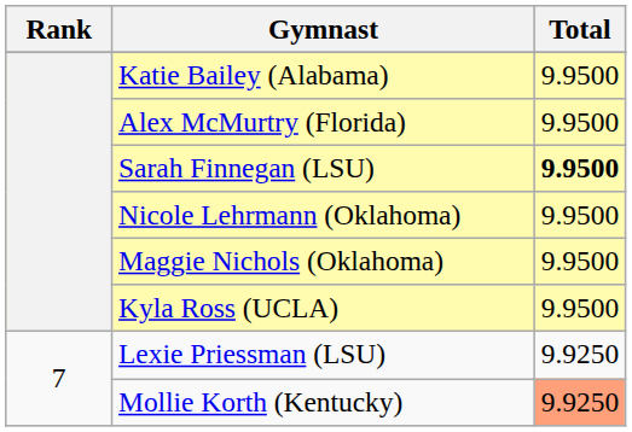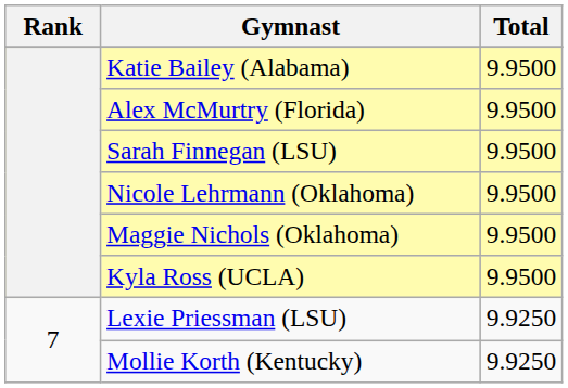 <table class="wikitable sortable" style="text-align:center; font-size:95%">
 <tr>
 <th scope="col" style="width:50px;">Rank</th>
 <th scope="col" style="width:220px;">Gymnast</th>
 <th>Total</th>
 </tr>
 <tr>
 </tr>
 <tr style="background:#fffcaf;">
 <th scope=row style="text-align:center" rowspan="6"></th>
 <td style="text-align:left;"><a href='#'>Katie Bailey</a> (Alabama)</td>
 <td>9.9500</td>
 </tr>
 <tr style="background:#fffcaf;">
 <td style="text-align:left;"><a href='#'>Alex McMurtry</a> (Florida)</td>
 <td>9.9500</td>
 </tr>
 <tr style="background:#fffcaf;">
 <td style="text-align:left;"><a href='#'>Sarah Finnegan</a> (LSU)</td>
-<td><strong>9.9500</strong></td>
+<td>9.9500</td>
 </tr>
 <tr style="background:#fffcaf;">
 <td style="text-align:left;"><a href='#'>Nicole Lehrmann</a> (Oklahoma)</td>
 <td>9.9500</td>
 </tr>
 <tr style="background:#fffcaf;">
 <td style="text-align:left;"><a href='#'>Maggie Nichols</a> (Oklahoma)</td>
 <td>9.9500</td>
 </tr>
 <tr style="background:#fffcaf;">
 <td style="text-align:left;"><a href='#'>Kyla Ross</a> (UCLA)</td>
 <td>9.9500</td>
 </tr>
 <tr>
 <td rowspan="2">7</td>
 <td style="text-align:left;"><a href='#'>Lexie Priessman</a> (LSU)</td>
 <td>9.9250</td>
 </tr>
 <tr>
 <td style="text-align:left;"><a href='#'>Mollie Korth</a> (Kentucky)</td>
-<td style="background: lightsalmon;">9.9250</td>
+<td>9.9250</td>
 </tr>
 </table>
